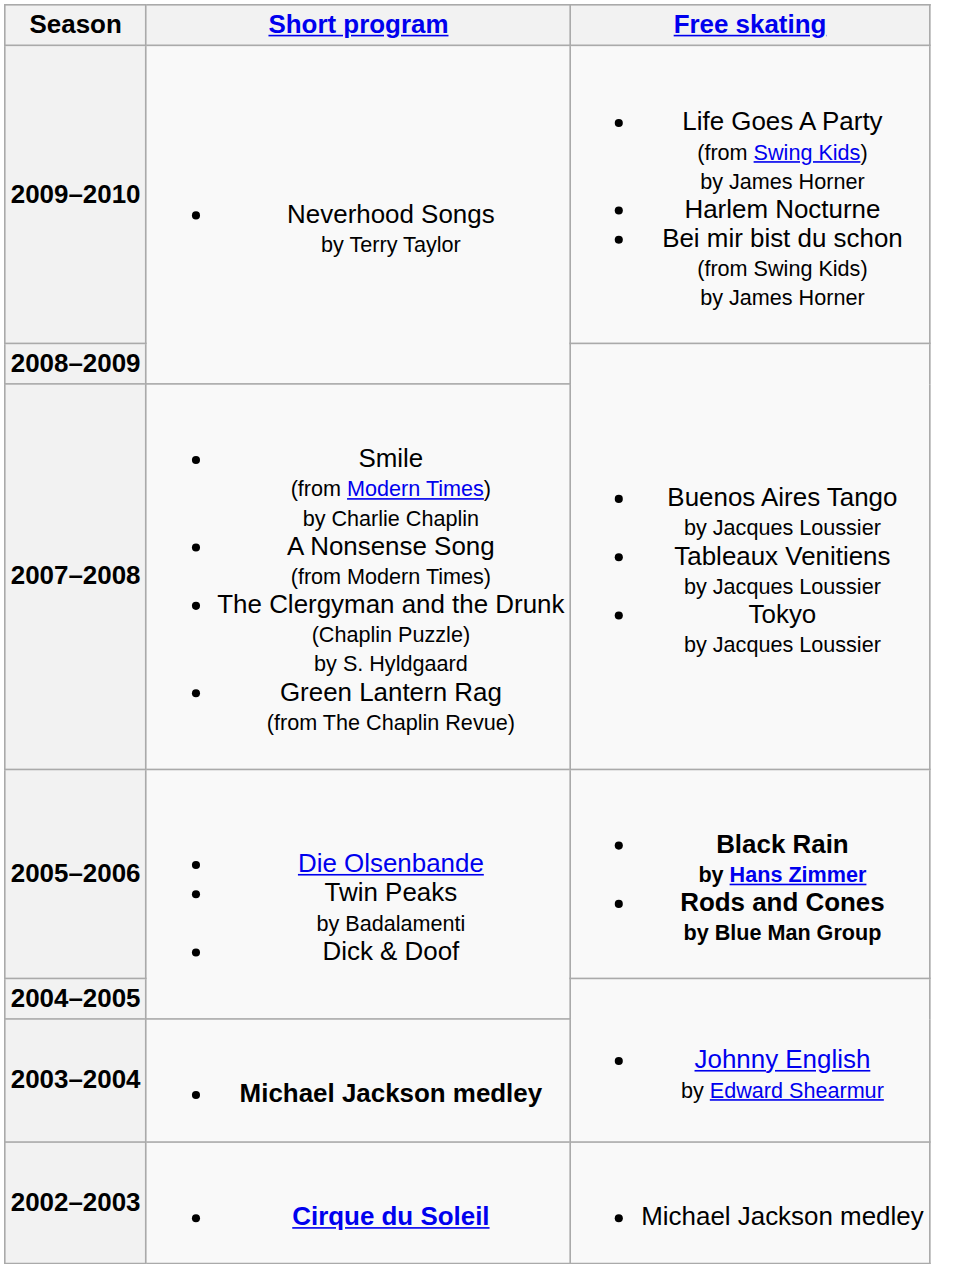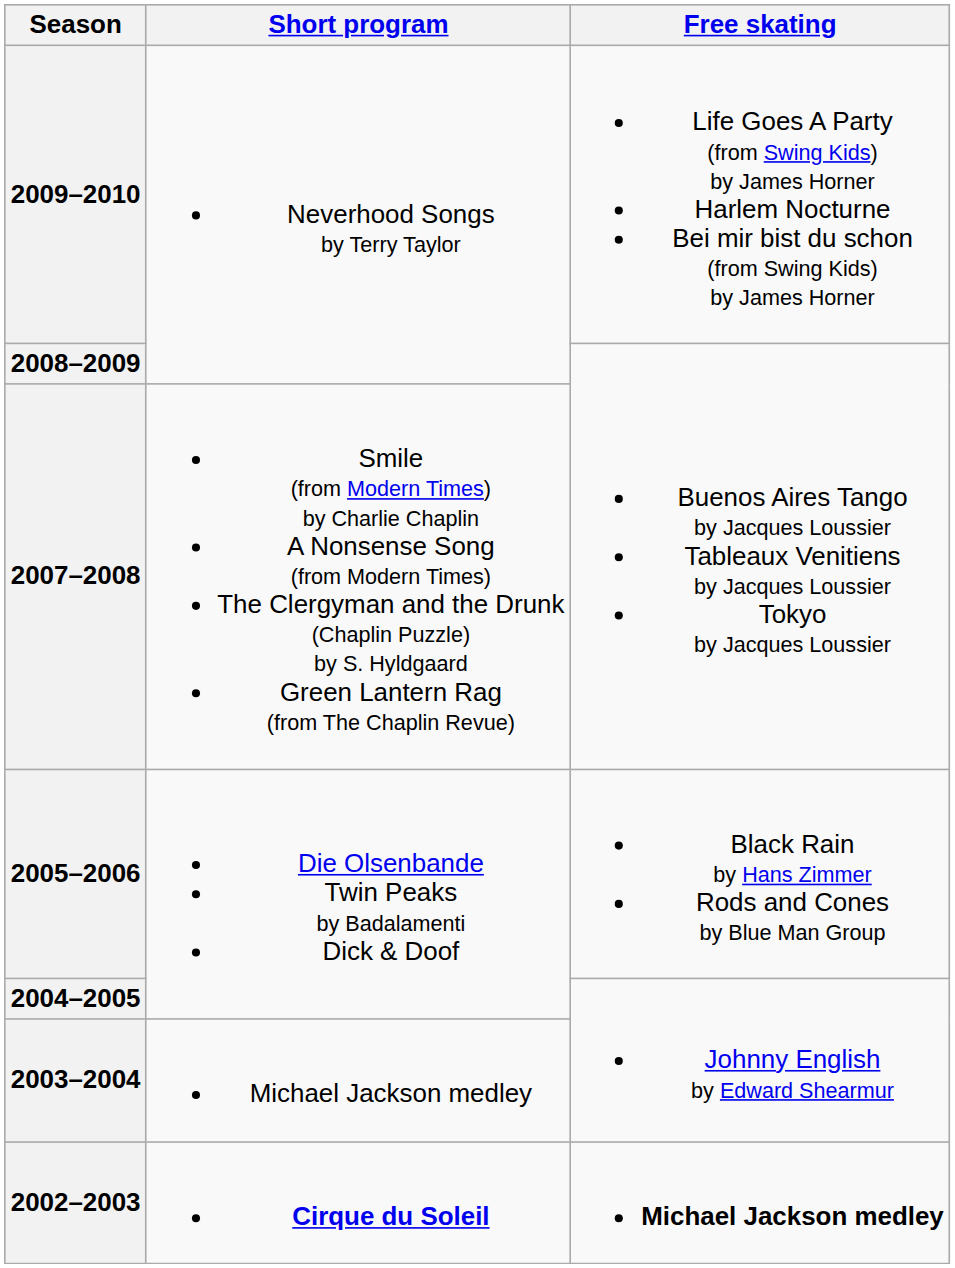 <table class=wikitable style=text-align:center>
 <tr>
 <th>Season</th>
 <th><a href='#'>Short program</a></th>
 <th><a href='#'>Free skating</a></th>
 </tr>
 <tr>
 <th>2009–2010 <br> </th>
 <td rowspan="2"><br><ul><li>Neverhood Songs <br><small> by Terry Taylor </small></li></ul></td>
 <td><br><ul><li>Life Goes A Party <br><small> (from <a href='#'>Swing Kids</a>) <br> by James Horner </small></li><li>Harlem Nocturne</li><li>Bei mir bist du schon <br><small> (from Swing Kids) <br> by James Horner </small></li></ul></td>
 </tr>
 <tr>
 <th>2008–2009 <br> </th>
 <td rowspan="2"><br><ul><li>Buenos Aires Tango <br><small> by Jacques Loussier </small></li><li>Tableaux Venitiens <br><small> by Jacques Loussier </small></li><li>Tokyo <br><small> by Jacques Loussier </small></li></ul></td>
 </tr>
 <tr>
 <th>2007–2008 <br> </th>
 <td><br><ul><li>Smile <br><small> (from <a href='#'>Modern Times</a>) <br> by Charlie Chaplin </small></li><li>A Nonsense Song <br><small> (from Modern Times) </small></li><li>The Clergyman and the Drunk <br><small> (Chaplin Puzzle) <br> by S. Hyldgaard </small></li><li>Green Lantern Rag <br><small> (from The Chaplin Revue) </small></li></ul></td>
 </tr>
 <tr>
 <th>2005–2006 <br> </th>
 <td rowspan="2"><br><ul><li><a href='#'>Die Olsenbande</a></li><li>Twin Peaks <br><small> by Badalamenti </small></li><li>Dick & Doof</li></ul></td>
-<td><strong><br><ul><li>Black Rain <br><small> by <a href='#'>Hans Zimmer</a> </small></li><li>Rods and Cones <br><small> by Blue Man Group </small></li></ul></strong></td>
+<td><br><ul><li>Black Rain <br><small> by <a href='#'>Hans Zimmer</a> </small></li><li>Rods and Cones <br><small> by Blue Man Group </small></li></ul></td>
 </tr>
 <tr>
 <th>2004–2005 <br> </th>
 <td rowspan="2"><br><ul><li><a href='#'>Johnny English</a> <br><small> by <a href='#'>Edward Shearmur</a> </small></li></ul></td>
 </tr>
 <tr>
 <th>2003–2004 <br> </th>
-<td><strong><br><ul><li>Michael Jackson medley</li></ul></strong></td>
+<td><br><ul><li>Michael Jackson medley</li></ul></td>
 </tr>
 <tr>
 <th>2002–2003 <br> </th>
 <td><strong><br><ul><li><a href='#'>Cirque du Soleil</a></li></ul></strong></td>
-<td><br><ul><li>Michael Jackson medley</li></ul></td>
+<td><strong><br><ul><li>Michael Jackson medley</li></ul></strong></td>
 </tr>
 </table>
